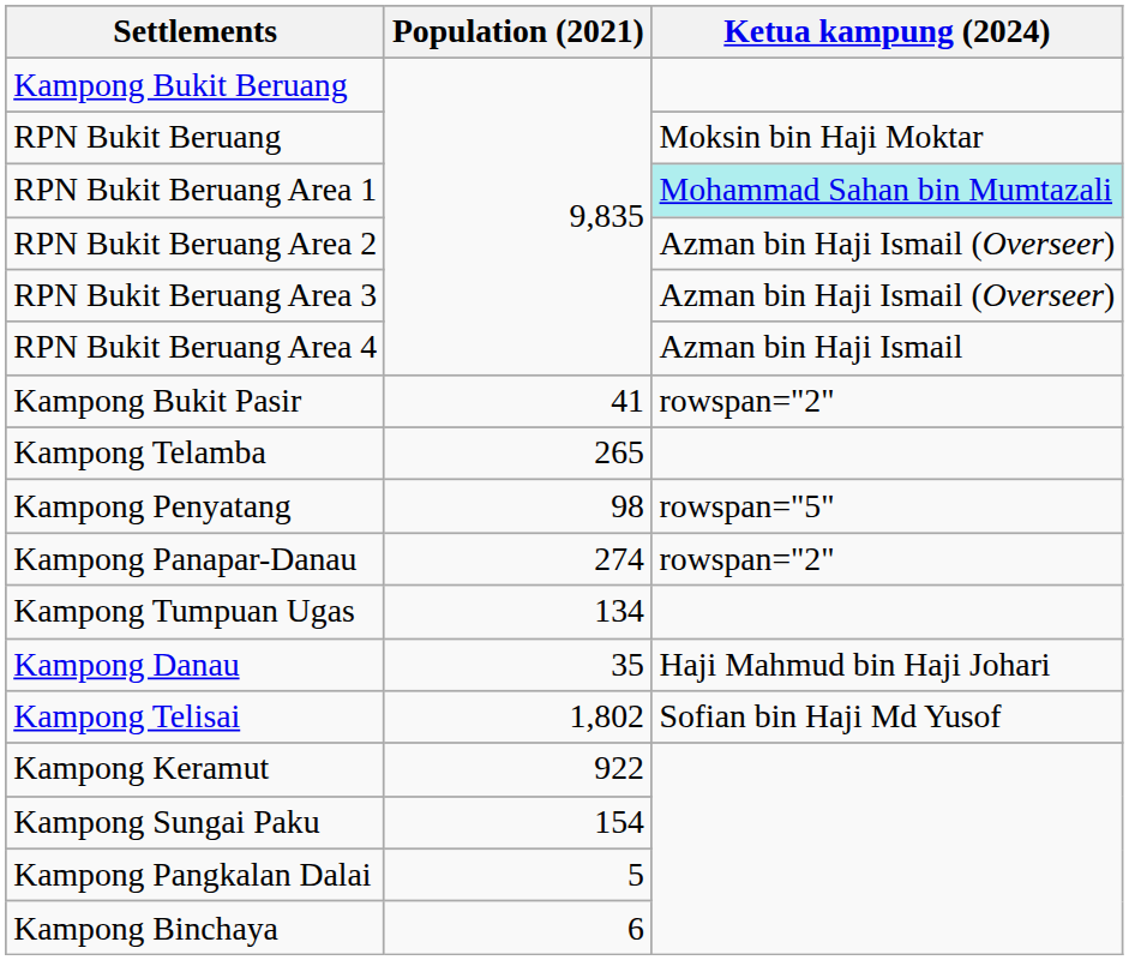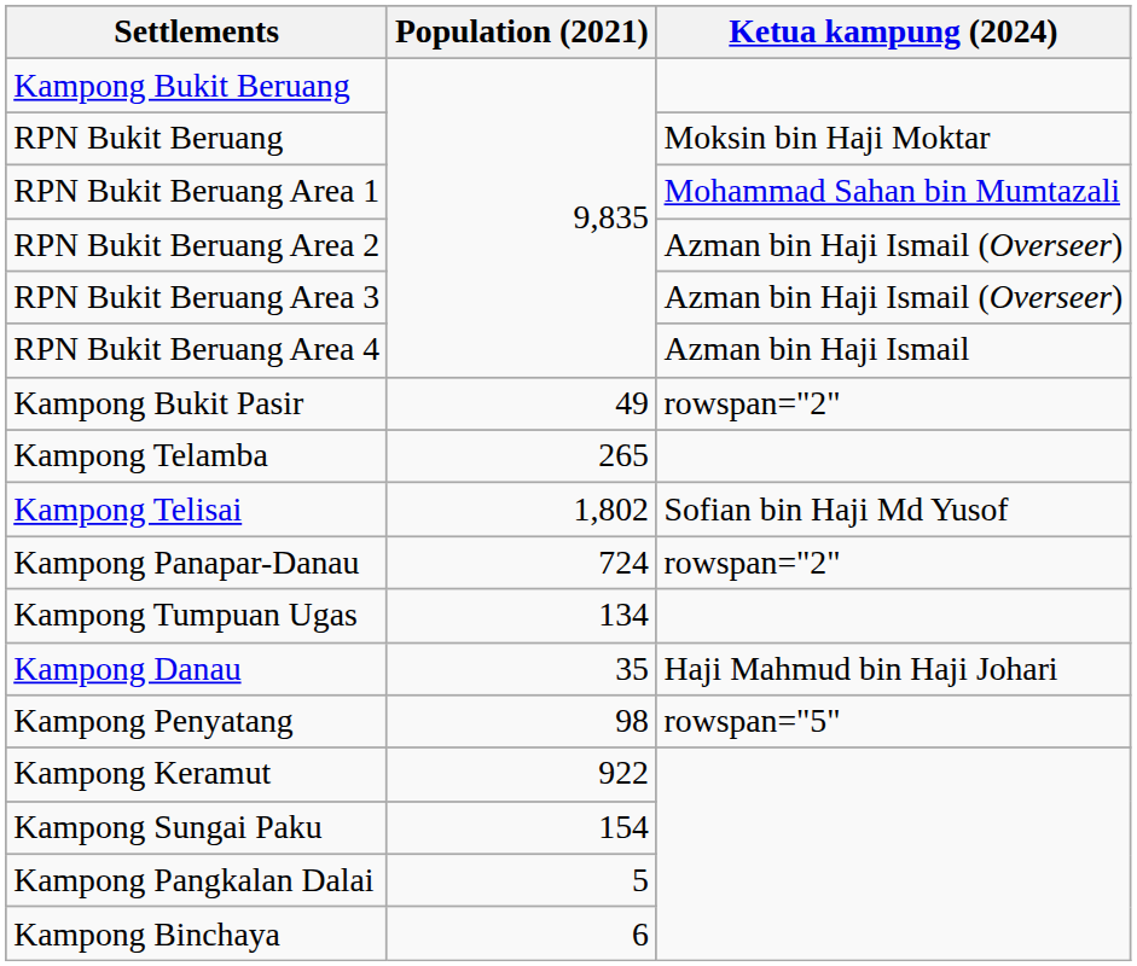 <table class="wikitable">
 <tr>
 <th>Settlements</th>
 <th>Population (2021)</th>
 <th><a href='#'>Ketua kampung</a> (2024)</th>
 </tr>
 <tr>
 <td><a href='#'>Kampong Bukit Beruang</a></td>
 <td rowspan="6" align="right">9,835</td>
 <td></td>
 </tr>
 <tr>
 <td>RPN Bukit Beruang</td>
 <td>Moksin bin Haji Moktar</td>
 </tr>
 <tr>
 <td>RPN Bukit Beruang Area 1</td>
-<td style="background: paleturquoise;"><a href='#'>Mohammad Sahan bin Mumtazali</a></td>
+<td><a href='#'>Mohammad Sahan bin Mumtazali</a></td>
 </tr>
 <tr>
 <td>RPN Bukit Beruang Area 2</td>
 <td>Azman bin Haji Ismail (<em>Overseer</em>)</td>
 </tr>
 <tr>
 <td>RPN Bukit Beruang Area 3</td>
 <td>Azman bin Haji Ismail (<em>Overseer</em>)</td>
 </tr>
 <tr>
 <td>RPN Bukit Beruang Area 4</td>
 <td>Azman bin Haji Ismail</td>
 </tr>
 <tr>
 <td>Kampong Bukit Pasir</td>
-<td align="right">41</td>
+<td align="right">49</td>
 <td>rowspan="2" </td>
 </tr>
 <tr>
 <td>Kampong Telamba</td>
 <td align="right">265</td>
 </tr>
 <tr>
-<td>Kampong Penyatang</td>
-<td align="right">98</td>
-<td>rowspan="5" </td>
+<td><a href='#'>Kampong Telisai</a></td>
+<td align="right">1,802</td>
+<td>Sofian bin Haji Md Yusof</td>
 </tr>
 <tr>
 <td>Kampong Panapar-Danau</td>
-<td align="right">274</td>
+<td align="right">724</td>
 <td>rowspan="2" </td>
 </tr>
 <tr>
 <td>Kampong Tumpuan Ugas</td>
 <td align="right">134</td>
 </tr>
 <tr>
 <td><a href='#'>Kampong Danau</a></td>
 <td align="right">35</td>
 <td>Haji Mahmud bin Haji Johari</td>
 </tr>
 <tr>
-<td><a href='#'>Kampong Telisai</a></td>
-<td align="right">1,802</td>
-<td>Sofian bin Haji Md Yusof</td>
+<td>Kampong Penyatang</td>
+<td align="right">98</td>
+<td>rowspan="5" </td>
 </tr>
 <tr>
 <td>Kampong Keramut</td>
 <td align="right">922</td>
 </tr>
 <tr>
 <td>Kampong Sungai Paku</td>
 <td align="right">154</td>
 </tr>
 <tr>
 <td>Kampong Pangkalan Dalai</td>
 <td align="right">5</td>
 </tr>
 <tr>
 <td>Kampong Binchaya</td>
 <td align="right">6</td>
 </tr>
 </table>
